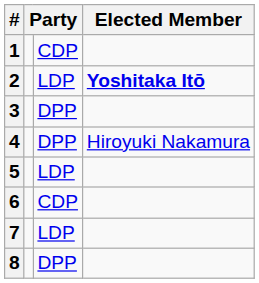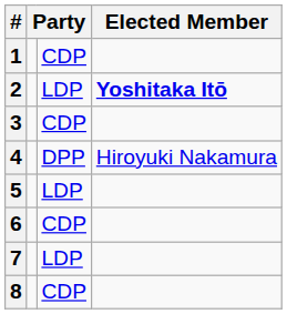 <table class="wikitable">
 <tr>
 <th>#</th>
 <th colspan=2>Party</th>
 <th>Elected Member</th>
 </tr>
 <tr>
 <th>1</th>
 <td style="background:"></td>
 <td><a href='#'>CDP</a></td>
 <td></td>
 </tr>
 <tr>
 <th>2</th>
 <td style="background:"></td>
 <td><a href='#'>LDP</a></td>
 <td><strong><a href='#'>Yoshitaka Itō</a></strong></td>
 </tr>
 <tr>
 <th>3</th>
 <td style="background:"></td>
-<td><a href='#'>DPP</a></td>
+<td><a href='#'>CDP</a></td>
 <td></td>
 </tr>
 <tr>
 <th>4</th>
 <td style="background:"></td>
 <td><a href='#'>DPP</a></td>
 <td><a href='#'>Hiroyuki Nakamura</a></td>
 </tr>
 <tr>
 <th>5</th>
 <td style="background:"></td>
 <td><a href='#'>LDP</a></td>
 <td></td>
 </tr>
 <tr>
 <th>6</th>
 <td style="background:"></td>
 <td><a href='#'>CDP</a></td>
 <td></td>
 </tr>
 <tr>
 <th>7</th>
 <td style="background:"></td>
 <td><a href='#'>LDP</a></td>
 <td></td>
 </tr>
 <tr>
 <th>8</th>
 <td style="background:"></td>
-<td><a href='#'>DPP</a></td>
+<td><a href='#'>CDP</a></td>
 <td></td>
 </tr>
 </table>
